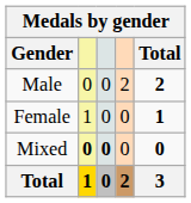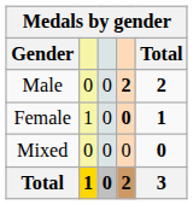 <table class=wikitable style=font-size:85%;float:right;text-align:center>
 <tr>
 <th colspan=5>Medals by gender</th>
 </tr>
 <tr>
 <th>Gender</th>
 <td bgcolor=F7F6A8></td>
 <td bgcolor=DCE5E5></td>
 <td bgcolor=FFDAB9></td>
 <th>Total</th>
 </tr>
 <tr>
 <td>Male</td>
 <td bgcolor=F7F6A8>0</td>
 <td bgcolor=DCE5E5>0</td>
-<td bgcolor=FFDAB9>2</td>
+<td bgcolor=FFDAB9><strong>2</strong></td>
 <td><strong>2</strong></td>
 </tr>
 <tr>
 <td>Female</td>
 <td bgcolor=F7F6A8>1</td>
 <td bgcolor=DCE5E5>0</td>
-<td bgcolor=FFDAB9>0</td>
+<td bgcolor=FFDAB9><strong>0</strong></td>
 <td><strong>1</strong></td>
 </tr>
 <tr>
 <td>Mixed</td>
-<td bgcolor=F7F6A8><strong>0</strong></td>
-<td bgcolor=DCE5E5><strong>0</strong></td>
+<td bgcolor=F7F6A8>0</td>
+<td bgcolor=DCE5E5>0</td>
 <td bgcolor=FFDAB9>0</td>
 <td><strong>0</strong></td>
 </tr>
 <tr>
 <th>Total</th>
 <th style=background:gold>1</th>
 <th style=background:silver>0</th>
 <th style=background:#c96>2</th>
 <th>3</th>
 </tr>
 </table>
